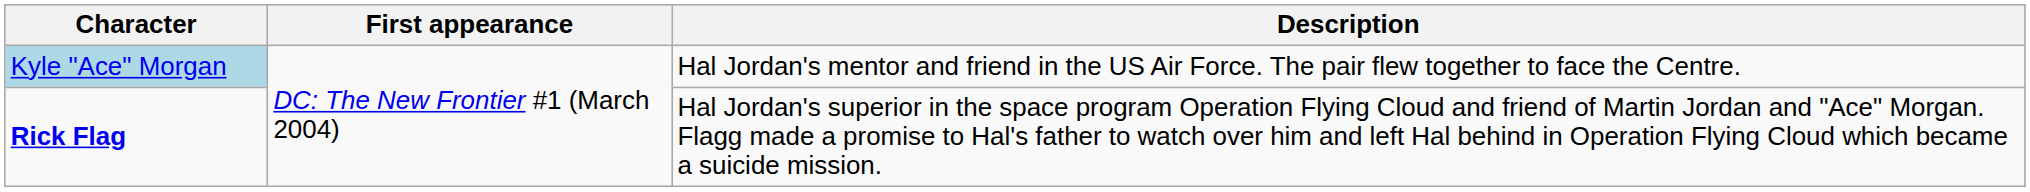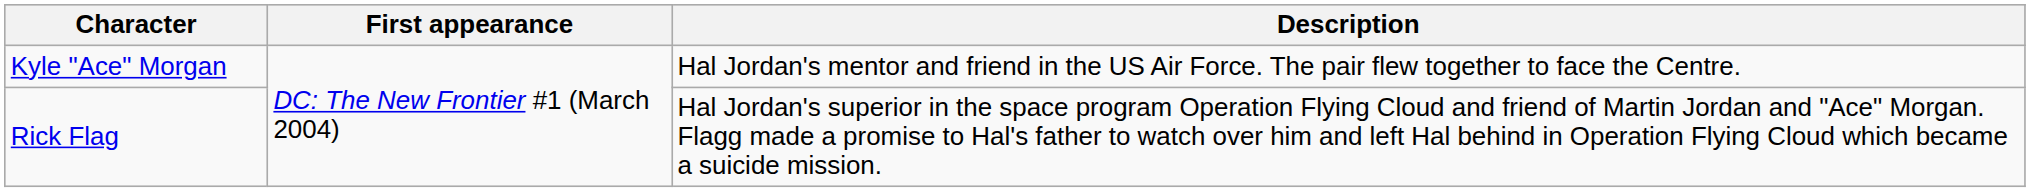 <table class="wikitable">
 <tr>
 <th width="13%">Character</th>
 <th width="20%">First appearance</th>
 <th width="67%">Description</th>
 </tr>
 <tr>
-<td style="background: lightblue;"><a href='#'>Kyle "Ace" Morgan</a></td>
+<td><a href='#'>Kyle "Ace" Morgan</a></td>
 <td rowspan="2"><em><a href='#'>DC: The New Frontier</a></em> #1 (March 2004)</td>
 <td>Hal Jordan's mentor and friend in the US Air Force. The pair flew together to face the Centre.</td>
 </tr>
 <tr>
-<td><strong><a href='#'>Rick Flag</a></strong></td>
+<td><a href='#'>Rick Flag</a></td>
 <td>Hal Jordan's superior in the space program Operation Flying Cloud and friend of Martin Jordan and "Ace" Morgan. Flagg made a promise to Hal's father to watch over him and left Hal behind in Operation Flying Cloud which became a suicide mission.</td>
 </tr>
 </table>
